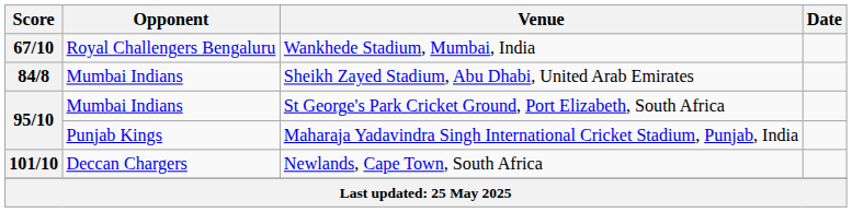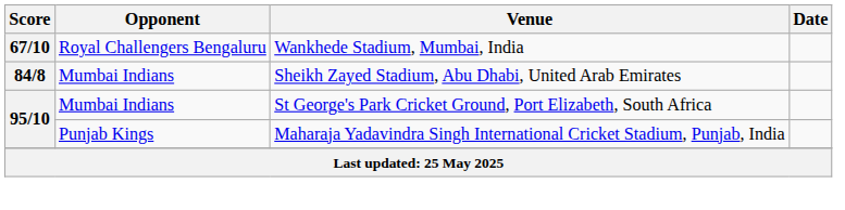 <table class="wikitable" style="text-align:left;font-size:96%;">
 <tr>
 <th><strong>Score</strong></th>
 <th><strong>Opponent</strong></th>
 <th><strong>Venue</strong></th>
 <th><strong>Date</strong></th>
 </tr>
 <tr>
 <th>67/10</th>
 <td><a href='#'>Royal Challengers Bengaluru</a></td>
 <td><a href='#'>Wankhede Stadium</a>, <a href='#'>Mumbai</a>, India</td>
 <td></td>
 </tr>
 <tr>
 <th>84/8</th>
 <td><a href='#'>Mumbai Indians</a></td>
 <td><a href='#'>Sheikh Zayed Stadium</a>, <a href='#'>Abu Dhabi</a>, United Arab Emirates</td>
 <td></td>
 </tr>
 <tr>
 <th rowspan="2">95/10</th>
 <td><a href='#'>Mumbai Indians</a></td>
 <td><a href='#'>St George's Park Cricket Ground</a>, <a href='#'>Port Elizabeth</a>, South Africa</td>
 <td></td>
 </tr>
 <tr>
 <td><a href='#'>Punjab Kings</a></td>
 <td><a href='#'>Maharaja Yadavindra Singh International Cricket Stadium</a>, <a href='#'>Punjab</a>, India</td>
 <td></td>
 </tr>
 <tr>
-<th>101/10</th>
-<td><a href='#'>Deccan Chargers</a></td>
-<td><a href='#'>Newlands</a>, <a href='#'>Cape Town</a>, South Africa</td>
-<td></td>
-</tr>
-<tr>
 </tr>
 <tr class=sortbottom>
 <th colspan="4"><small>Last updated: 25 May 2025</small></th>
 </tr>
 </table>
